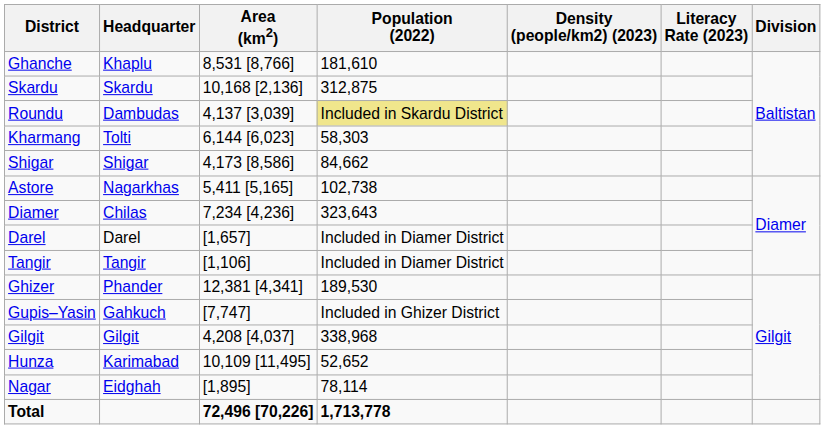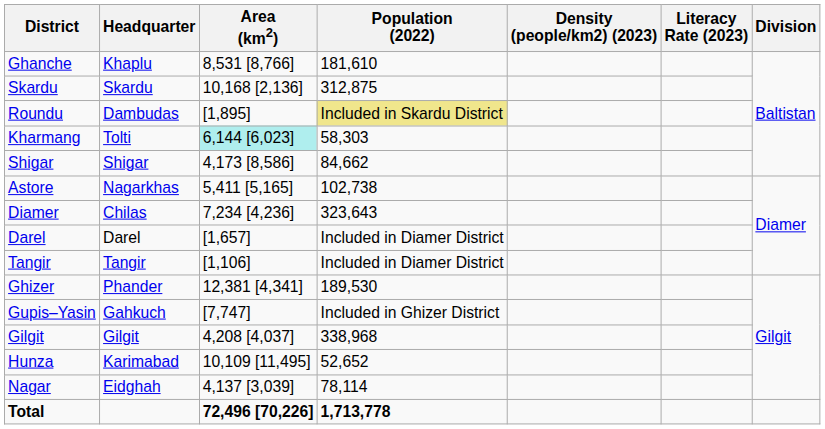 <table class="wikitable sortable static-row-numbers static-row-header-hash" style="text-align:left">
 <tr>
 <th>District</th>
 <th>Headquarter</th>
 <th>Area<br>(km<sup>2</sup>)</th>
 <th>Population<br>(2022)</th>
 <th>Density<br>(people/km2) (2023)</th>
 <th>Literacy<br>Rate (2023)</th>
 <th>Division</th>
 </tr>
 <tr>
 <td><a href='#'>Ghanche</a></td>
 <td><a href='#'>Khaplu</a></td>
 <td>8,531 [8,766]</td>
 <td>181,610</td>
 <td></td>
 <td></td>
 <td rowspan="5"><a href='#'>Baltistan</a></td>
 </tr>
 <tr>
 <td><a href='#'>Skardu</a></td>
 <td><a href='#'>Skardu</a></td>
 <td>10,168 [2,136]</td>
 <td>312,875</td>
 <td></td>
 <td></td>
 </tr>
 <tr>
 <td><a href='#'>Roundu</a></td>
 <td><a href='#'>Dambudas</a></td>
-<td>4,137 [3,039]</td>
+<td>[1,895]</td>
 <td style="background: khaki;">Included in Skardu District</td>
 <td></td>
 <td></td>
 </tr>
 <tr>
 <td><a href='#'>Kharmang</a></td>
 <td><a href='#'>Tolti</a></td>
-<td>6,144 [6,023]</td>
+<td style="background: paleturquoise;">6,144 [6,023]</td>
 <td>58,303</td>
 <td></td>
 <td></td>
 </tr>
 <tr>
 <td><a href='#'>Shigar</a></td>
 <td><a href='#'>Shigar</a></td>
 <td>4,173 [8,586]</td>
 <td>84,662</td>
 <td></td>
 <td></td>
 </tr>
 <tr>
 <td><a href='#'>Astore</a></td>
 <td><a href='#'>Nagarkhas</a></td>
 <td>5,411 [5,165]</td>
 <td>102,738</td>
 <td></td>
 <td></td>
 <td rowspan="4"><a href='#'>Diamer</a></td>
 </tr>
 <tr>
 <td><a href='#'>Diamer</a></td>
 <td><a href='#'>Chilas</a></td>
 <td>7,234 [4,236]</td>
 <td>323,643</td>
 <td></td>
 <td></td>
 </tr>
 <tr>
 <td><a href='#'>Darel</a></td>
 <td>Darel</td>
 <td>[1,657]</td>
 <td>Included in Diamer District</td>
 <td></td>
 <td></td>
 </tr>
 <tr>
 <td><a href='#'>Tangir</a></td>
 <td><a href='#'>Tangir</a></td>
 <td>[1,106]</td>
 <td>Included in Diamer District</td>
 <td></td>
 <td></td>
 </tr>
 <tr>
 <td><a href='#'>Ghizer</a></td>
 <td><a href='#'>Phander</a></td>
 <td>12,381 [4,341]</td>
 <td>189,530</td>
 <td></td>
 <td></td>
 <td rowspan="5"><a href='#'>Gilgit</a></td>
 </tr>
 <tr>
 <td><a href='#'>Gupis–Yasin</a></td>
 <td><a href='#'>Gahkuch</a></td>
 <td>[7,747]</td>
 <td>Included in Ghizer District</td>
 <td></td>
 <td></td>
 </tr>
 <tr>
 <td><a href='#'>Gilgit</a></td>
 <td><a href='#'>Gilgit</a></td>
 <td>4,208 [4,037]</td>
 <td>338,968</td>
 <td></td>
 <td></td>
 </tr>
 <tr>
 <td><a href='#'>Hunza</a></td>
 <td><a href='#'>Karimabad</a></td>
 <td>10,109 [11,495]</td>
 <td>52,652</td>
 <td></td>
 <td></td>
 </tr>
 <tr>
 <td><a href='#'>Nagar</a></td>
 <td><a href='#'>Eidghah</a></td>
-<td>[1,895]</td>
+<td>4,137 [3,039]</td>
 <td>78,114</td>
 <td></td>
 <td></td>
 </tr>
 <tr>
 <td><strong>Total</strong></td>
 <td></td>
 <td><strong>72,496 [70,226]</strong></td>
 <td><strong>1,713,778</strong></td>
 <td></td>
 <td></td>
 </tr>
 </table>
